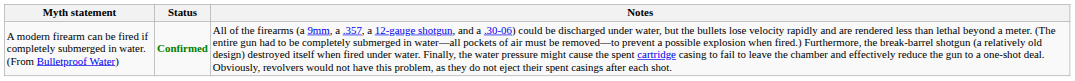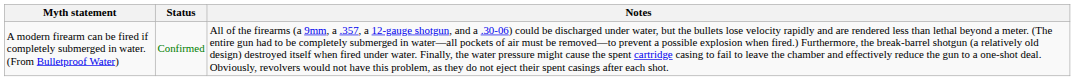 <table class="wikitable plainrowheaders">
 <tr>
 <th>Myth statement</th>
 <th>Status</th>
 <th>Notes</th>
 </tr>
 <tr>
 <td>A modern firearm can be fired if completely submerged in water. (From <a href='#'>Bulletproof Water</a>)</td>
-<td style="color:green"><strong>Confirmed</strong></td>
+<td style="color:green">Confirmed</td>
 <td>All of the firearms (a <a href='#'>9mm</a>, a <a href='#'>.357</a>, a <a href='#'>12-gauge shotgun</a>, and a <a href='#'>.30-06</a>) could be discharged under water, but the bullets lose velocity rapidly and are rendered less than lethal beyond a meter. (The entire gun had to be completely submerged in water—all pockets of air must be removed—to prevent a possible explosion when fired.) Furthermore, the break-barrel shotgun (a relatively old design) destroyed itself when fired under water. Finally, the water pressure might cause the spent <a href='#'>cartridge</a> casing to fail to leave the chamber and effectively reduce the gun to a one-shot deal. Obviously, revolvers would not have this problem, as they do not eject their spent casings after each shot.</td>
 </tr>
 </table>
